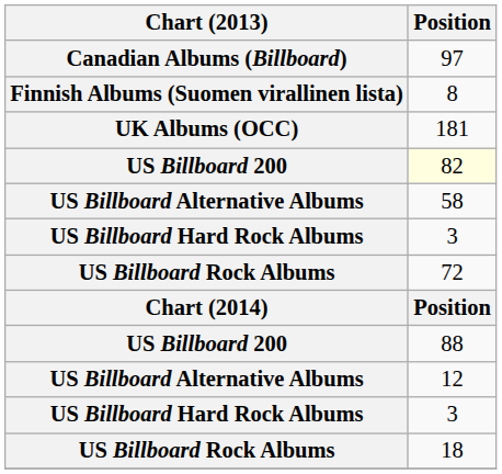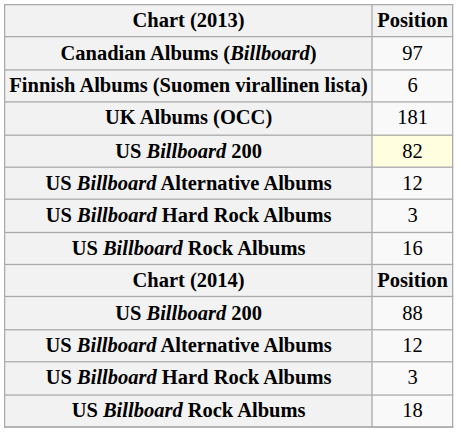 <table class="wikitable sortable plainrowheaders" style="text-align:center">
 <tr>
 <th scope="col">Chart (2013)</th>
 <th scope="col">Position</th>
 </tr>
 <tr>
 <th scope="row">Canadian Albums (<em>Billboard</em>)</th>
 <td>97</td>
 </tr>
 <tr>
 <th scope="row">Finnish Albums (Suomen virallinen lista)</th>
-<td>8</td>
+<td>6</td>
 </tr>
 <tr>
 <th scope="row">UK Albums (OCC)</th>
 <td>181</td>
 </tr>
 <tr>
 <th scope="row">US <em>Billboard</em> 200</th>
 <td style="background: lightyellow;">82</td>
 </tr>
 <tr>
 <th scope="row">US <em>Billboard</em> Alternative Albums </th>
-<td>58</td>
+<td>12</td>
 </tr>
 <tr>
 <th scope="row">US <em>Billboard</em> Hard Rock Albums</th>
 <td>3</td>
 </tr>
 <tr>
 <th scope="row">US <em>Billboard</em> Rock Albums</th>
-<td>72</td>
+<td>16</td>
 </tr>
 <tr>
 <th scope="col">Chart (2014)</th>
 <th scope="col">Position</th>
 </tr>
 <tr>
 <th scope="row">US <em>Billboard</em> 200</th>
 <td>88</td>
 </tr>
 <tr>
 <th scope="row">US <em>Billboard</em> Alternative Albums </th>
 <td>12</td>
 </tr>
 <tr>
 <th scope="row">US <em>Billboard</em> Hard Rock Albums</th>
 <td>3</td>
 </tr>
 <tr>
 <th scope="row">US <em>Billboard</em> Rock Albums</th>
 <td>18</td>
 </tr>
 <tr>
 </tr>
 </table>
